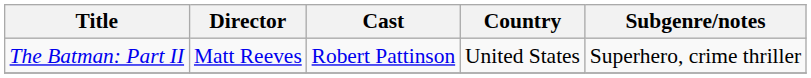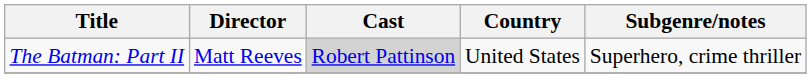 <table class="wikitable">
 <tr>
 <th>Title</th>
 <th>Director</th>
 <th>Cast</th>
 <th>Country</th>
 <th>Subgenre/notes</th>
 </tr>
 <tr>
 <td><em><a href='#'>The Batman: Part II</a></em></td>
 <td><a href='#'>Matt Reeves</a></td>
-<td><a href='#'>Robert Pattinson</a></td>
+<td style="background: lightgrey;"><a href='#'>Robert Pattinson</a></td>
 <td>United States</td>
 <td>Superhero, crime thriller</td>
 </tr>
 <tr>
 </tr>
 </table>
